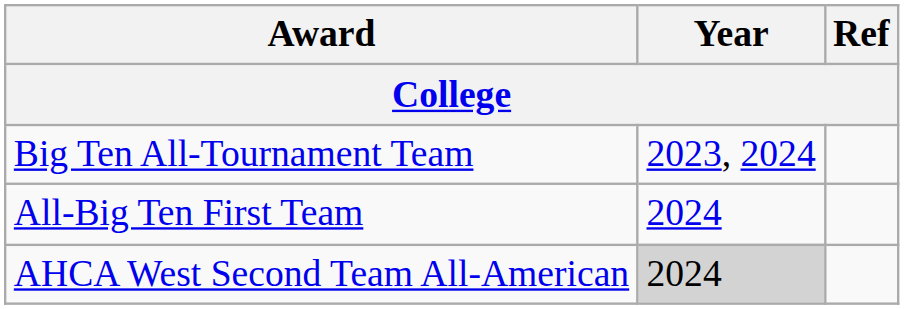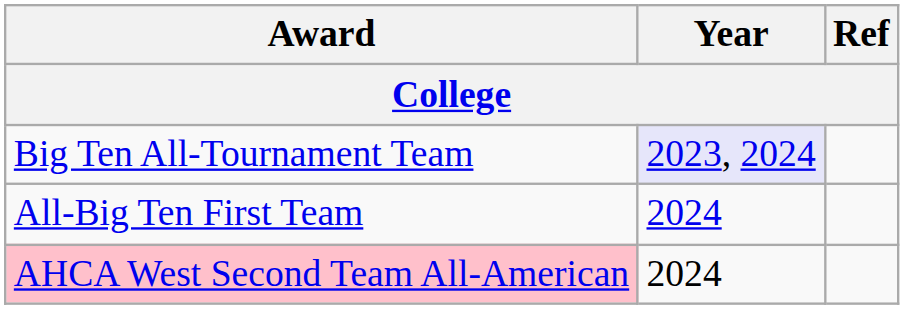 <table class="wikitable">
 <tr>
 <th>Award</th>
 <th>Year</th>
 <th>Ref</th>
 </tr>
 <tr>
 <th colspan="3"><a href='#'>College</a></th>
 </tr>
 <tr>
 <td><a href='#'>Big Ten All-Tournament Team</a></td>
-<td><a href='#'>2023</a>, <a href='#'>2024</a></td>
+<td style="background: lavender;"><a href='#'>2023</a>, <a href='#'>2024</a></td>
 <td></td>
 </tr>
 <tr>
 <td><a href='#'>All-Big Ten First Team</a></td>
 <td><a href='#'>2024</a></td>
 <td></td>
 </tr>
 <tr>
-<td><a href='#'>AHCA West Second Team All-American</a></td>
-<td style="background: lightgrey;">2024</td>
+<td style="background: pink;"><a href='#'>AHCA West Second Team All-American</a></td>
+<td>2024</td>
 <td></td>
 </tr>
 </table>
